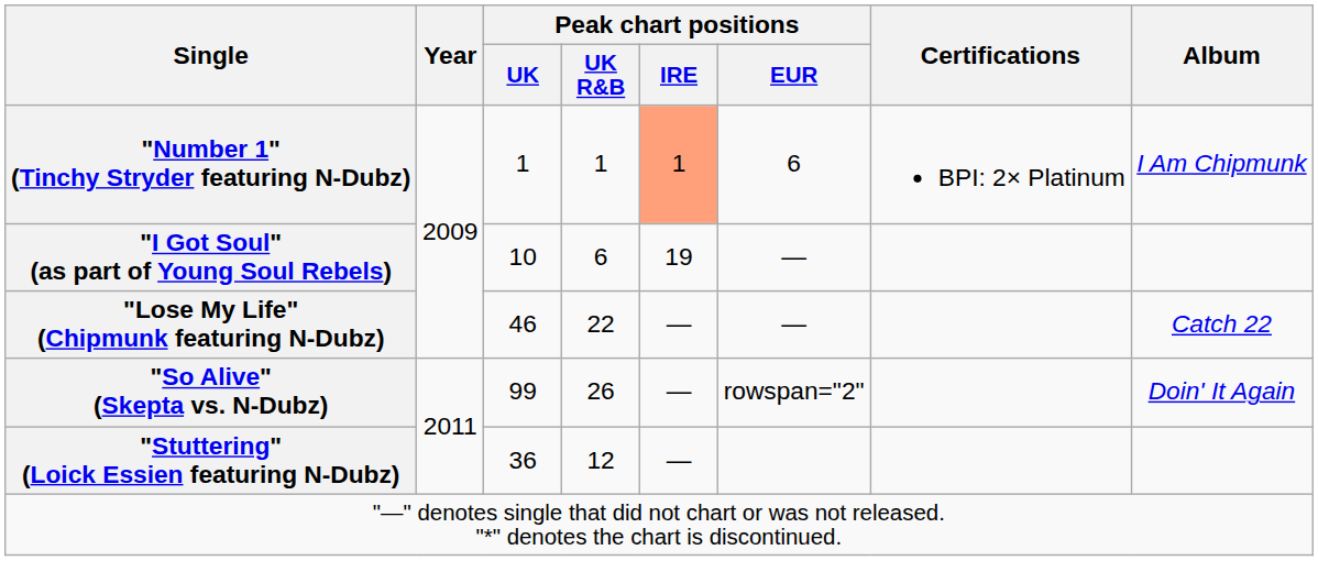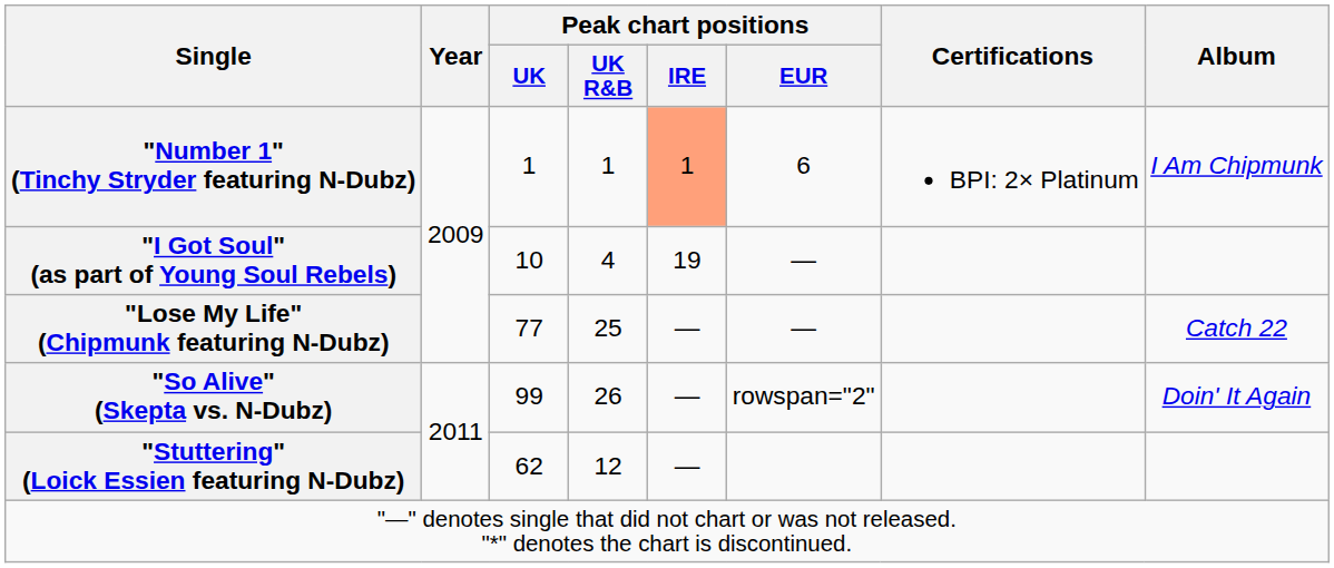 <table class="wikitable plainrowheaders" style="text-align:center;" border="1">
 <tr>
 <th scope="colw" rowspan="2" style="width:16em;">Single</th>
 <th scope="col" rowspan="2">Year</th>
 <th scope="col" colspan="4">Peak chart positions</th>
 <th scope="col" rowspan="2">Certifications</th>
 <th scope="col" rowspan="2">Album</th>
 </tr>
 <tr>
 <th scope="col" style="width:3em;font-size:90%;"><a href='#'>UK</a><br></th>
 <th scope="col" style="width:3em;font-size:90%;"><a href='#'>UK<br>R&B</a><br></th>
 <th scope="col" style="width:3em;font-size:90%;"><a href='#'>IRE</a><br></th>
 <th scope="col" style="width:3em;font-size:90%;"><a href='#'>EUR</a><br></th>
 </tr>
 <tr>
 <th scope="row">"<a href='#'>Number 1</a>"<br><span>(<a href='#'>Tinchy Stryder</a> featuring N-Dubz)</span></th>
 <td rowspan="3">2009</td>
 <td>1</td>
 <td>1</td>
 <td style="background: lightsalmon;">1</td>
 <td>6</td>
 <td><br><ul><li>BPI: 2× Platinum</li></ul></td>
 <td><em><a href='#'>I Am Chipmunk</a></em></td>
 </tr>
 <tr>
 <th scope="row">"<a href='#'>I Got Soul</a>"<br><span>(as part of <a href='#'>Young Soul Rebels</a>)</span></th>
 <td>10</td>
-<td>6</td>
+<td>4</td>
 <td>19</td>
 <td>—</td>
 <td></td>
 <td></td>
 </tr>
 <tr>
 <th scope="row">"Lose My Life"<br><span>(<a href='#'>Chipmunk</a> featuring N-Dubz)</span></th>
-<td>46</td>
-<td>22</td>
+<td>77</td>
+<td>25</td>
 <td>—</td>
 <td>—</td>
 <td></td>
 <td><em><a href='#'>Catch 22</a></em></td>
 </tr>
 <tr>
 <th scope="row">"<a href='#'>So Alive</a>"<br><span>(<a href='#'>Skepta</a> vs. N-Dubz)</span></th>
 <td rowspan="2">2011</td>
 <td>99</td>
 <td>26</td>
 <td>—</td>
 <td>rowspan="2" </td>
 <td></td>
 <td><em><a href='#'>Doin' It Again</a></em></td>
 </tr>
 <tr>
 <th scope="row">"<a href='#'>Stuttering</a>"<br><span>(<a href='#'>Loick Essien</a> featuring N-Dubz)</span></th>
-<td>36</td>
+<td>62</td>
 <td>12</td>
 <td>—</td>
 <td></td>
 <td></td>
 </tr>
 <tr>
 <td colspan="14" style="font-size:90%">"—" denotes single that did not chart or was not released.<br>"*" denotes the chart is discontinued.</td>
 </tr>
 </table>
